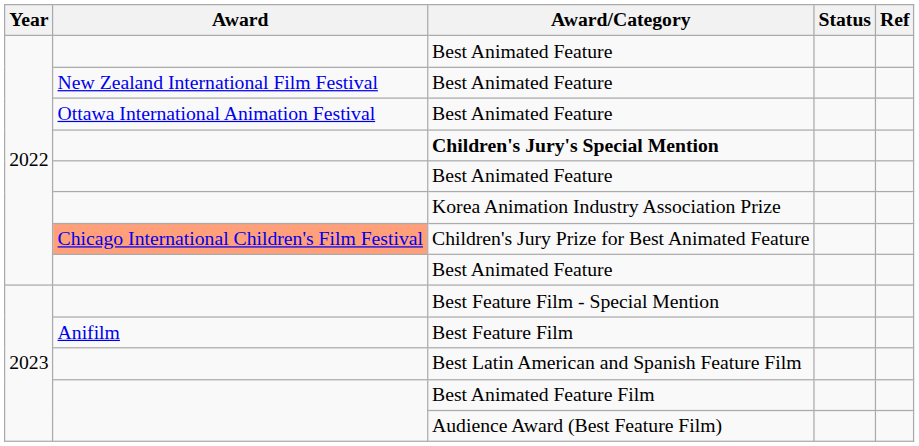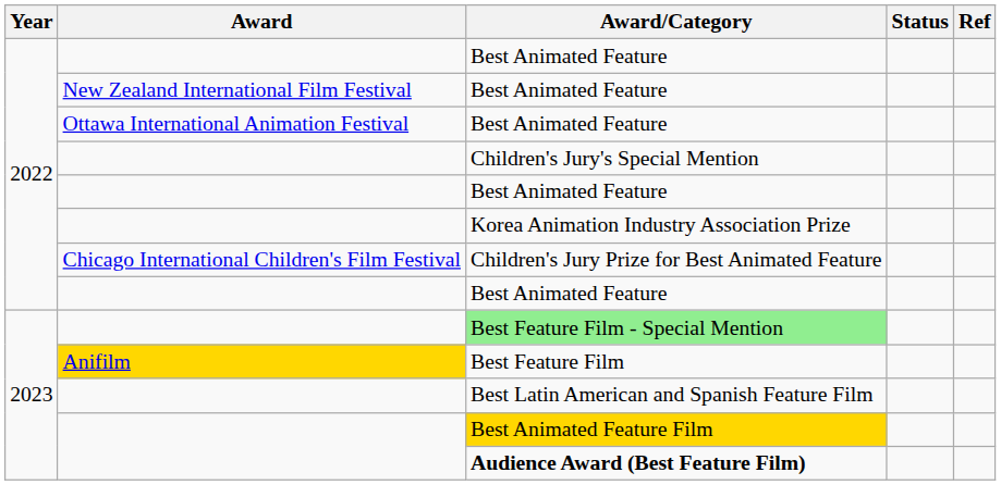 <table class="wikitable">
 <tr>
 <th>Year</th>
 <th>Award</th>
 <th>Award/Category</th>
 <th>Status</th>
 <th>Ref</th>
 </tr>
 <tr>
 <td rowspan="8">2022</td>
 <td></td>
 <td>Best Animated Feature</td>
 <td></td>
 <td></td>
 </tr>
 <tr>
 <td><a href='#'>New Zealand International Film Festival</a></td>
 <td>Best Animated Feature</td>
 <td></td>
 <td></td>
 </tr>
 <tr>
 <td><a href='#'>Ottawa International Animation Festival</a></td>
 <td>Best Animated Feature</td>
 <td></td>
 <td></td>
 </tr>
 <tr>
 <td></td>
-<td><strong>Children's Jury's Special Mention</strong></td>
+<td>Children's Jury's Special Mention</td>
 <td></td>
 <td></td>
 </tr>
 <tr>
 <td></td>
 <td>Best Animated Feature</td>
 <td></td>
 <td></td>
 </tr>
 <tr>
 <td></td>
 <td>Korea Animation Industry Association Prize</td>
 <td></td>
 <td></td>
 </tr>
 <tr>
-<td style="background: lightsalmon;"><a href='#'>Chicago International Children's Film Festival</a></td>
+<td><a href='#'>Chicago International Children's Film Festival</a></td>
 <td>Children's Jury Prize for Best Animated Feature</td>
 <td></td>
 <td></td>
 </tr>
 <tr>
 <td></td>
 <td>Best Animated Feature</td>
 <td></td>
 <td></td>
 </tr>
 <tr>
 <td rowspan="5">2023</td>
 <td></td>
-<td>Best Feature Film - Special Mention</td>
+<td style="background: lightgreen;">Best Feature Film - Special Mention</td>
 <td></td>
 <td></td>
 </tr>
 <tr>
-<td><a href='#'>Anifilm</a></td>
+<td style="background: gold;"><a href='#'>Anifilm</a></td>
 <td>Best Feature Film</td>
 <td></td>
 <td></td>
 </tr>
 <tr>
 <td></td>
 <td>Best Latin American and Spanish Feature Film</td>
 <td></td>
 <td></td>
 </tr>
 <tr>
 <td rowspan="2"></td>
-<td>Best Animated Feature Film</td>
+<td style="background: gold;">Best Animated Feature Film</td>
 <td></td>
 <td></td>
 </tr>
 <tr>
-<td>Audience Award (Best Feature Film)</td>
+<td><strong>Audience Award (Best Feature Film)</strong></td>
 <td></td>
 <td></td>
 </tr>
 </table>
